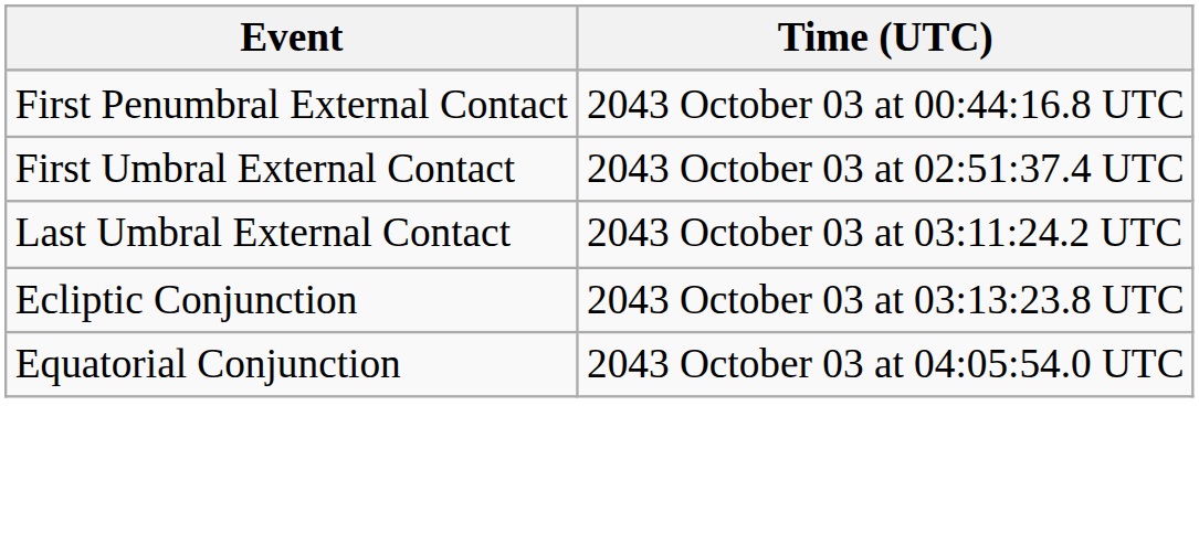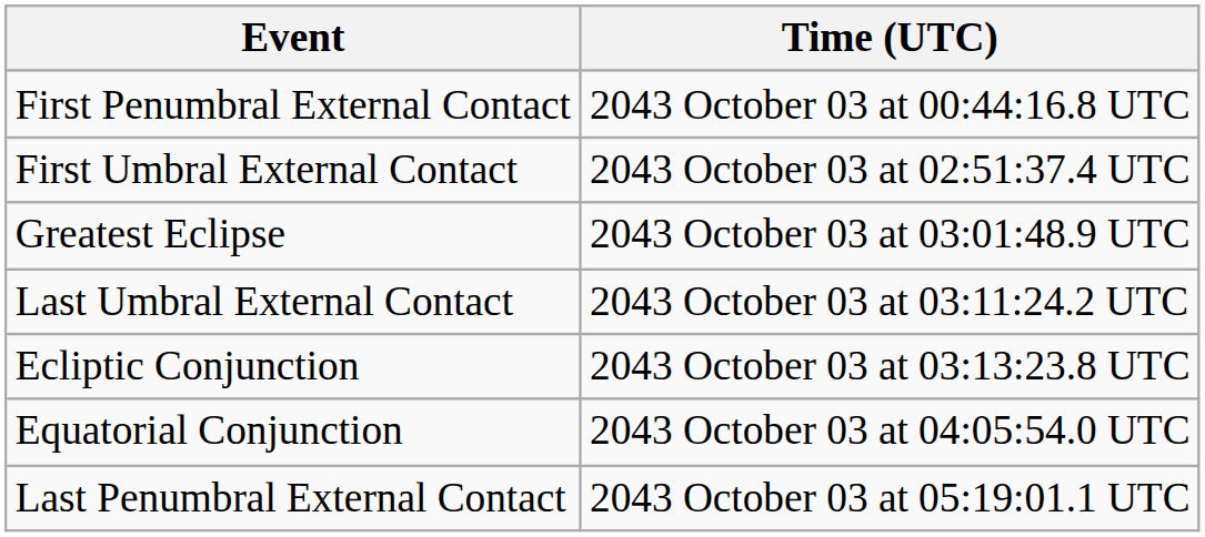 <table class="wikitable">
 <tr>
 <th>Event</th>
 <th>Time (UTC)</th>
 </tr>
 <tr>
 <td>First Penumbral External Contact</td>
 <td>2043 October 03 at 00:44:16.8 UTC</td>
 </tr>
 <tr>
 <td>First Umbral External Contact</td>
 <td>2043 October 03 at 02:51:37.4 UTC</td>
 </tr>
 <tr>
+<td>Greatest Eclipse</td>
+<td>2043 October 03 at 03:01:48.9 UTC</td>
+</tr>
+<tr>
 <td>Last Umbral External Contact</td>
 <td>2043 October 03 at 03:11:24.2 UTC</td>
 </tr>
 <tr>
 <td>Ecliptic Conjunction</td>
 <td>2043 October 03 at 03:13:23.8 UTC</td>
 </tr>
 <tr>
 <td>Equatorial Conjunction</td>
 <td>2043 October 03 at 04:05:54.0 UTC</td>
 </tr>
+<tr>
+<td>Last Penumbral External Contact</td>
+<td>2043 October 03 at 05:19:01.1 UTC</td>
+</tr>
 </table>
